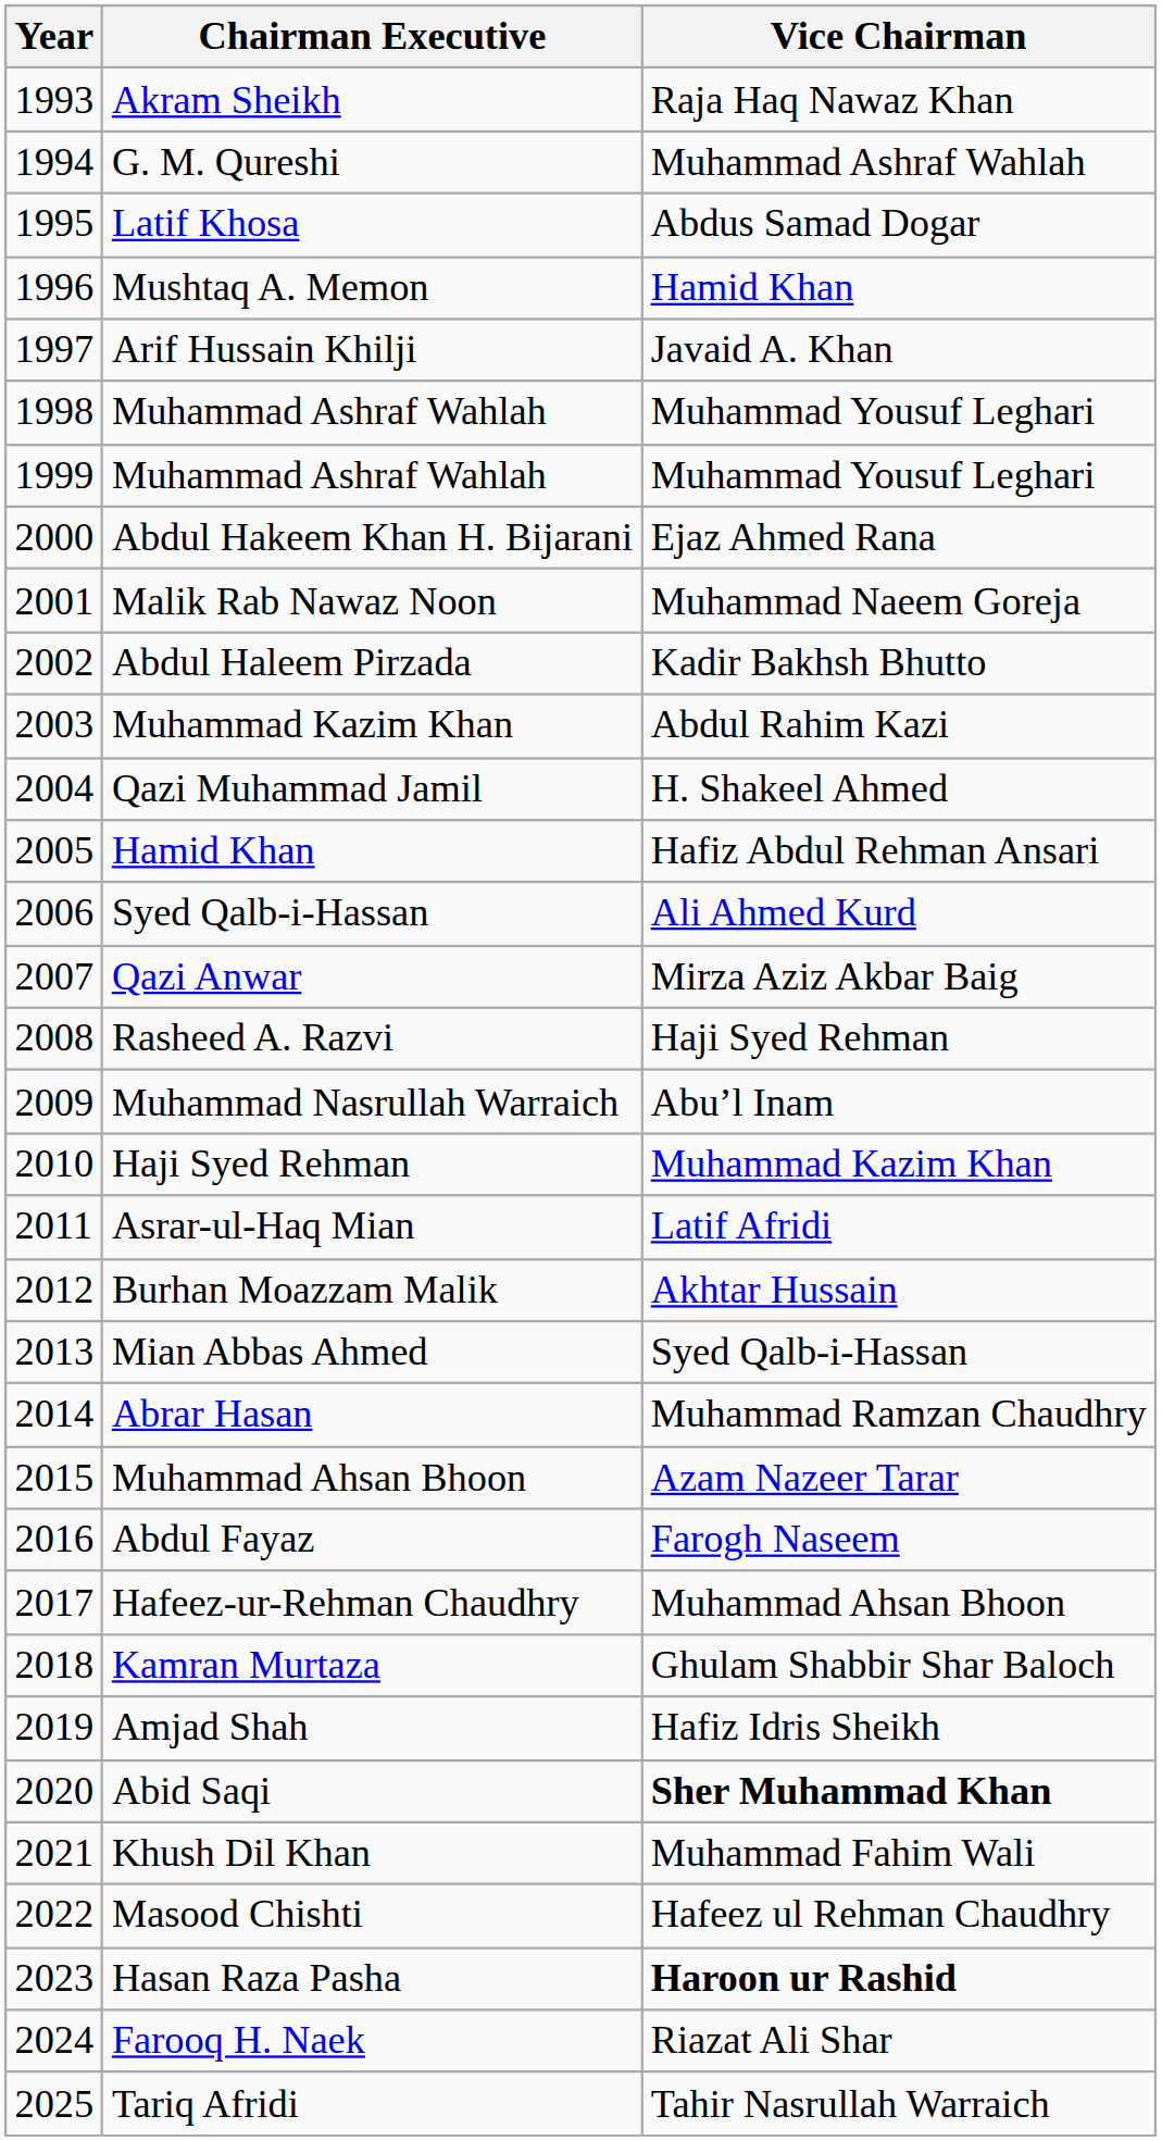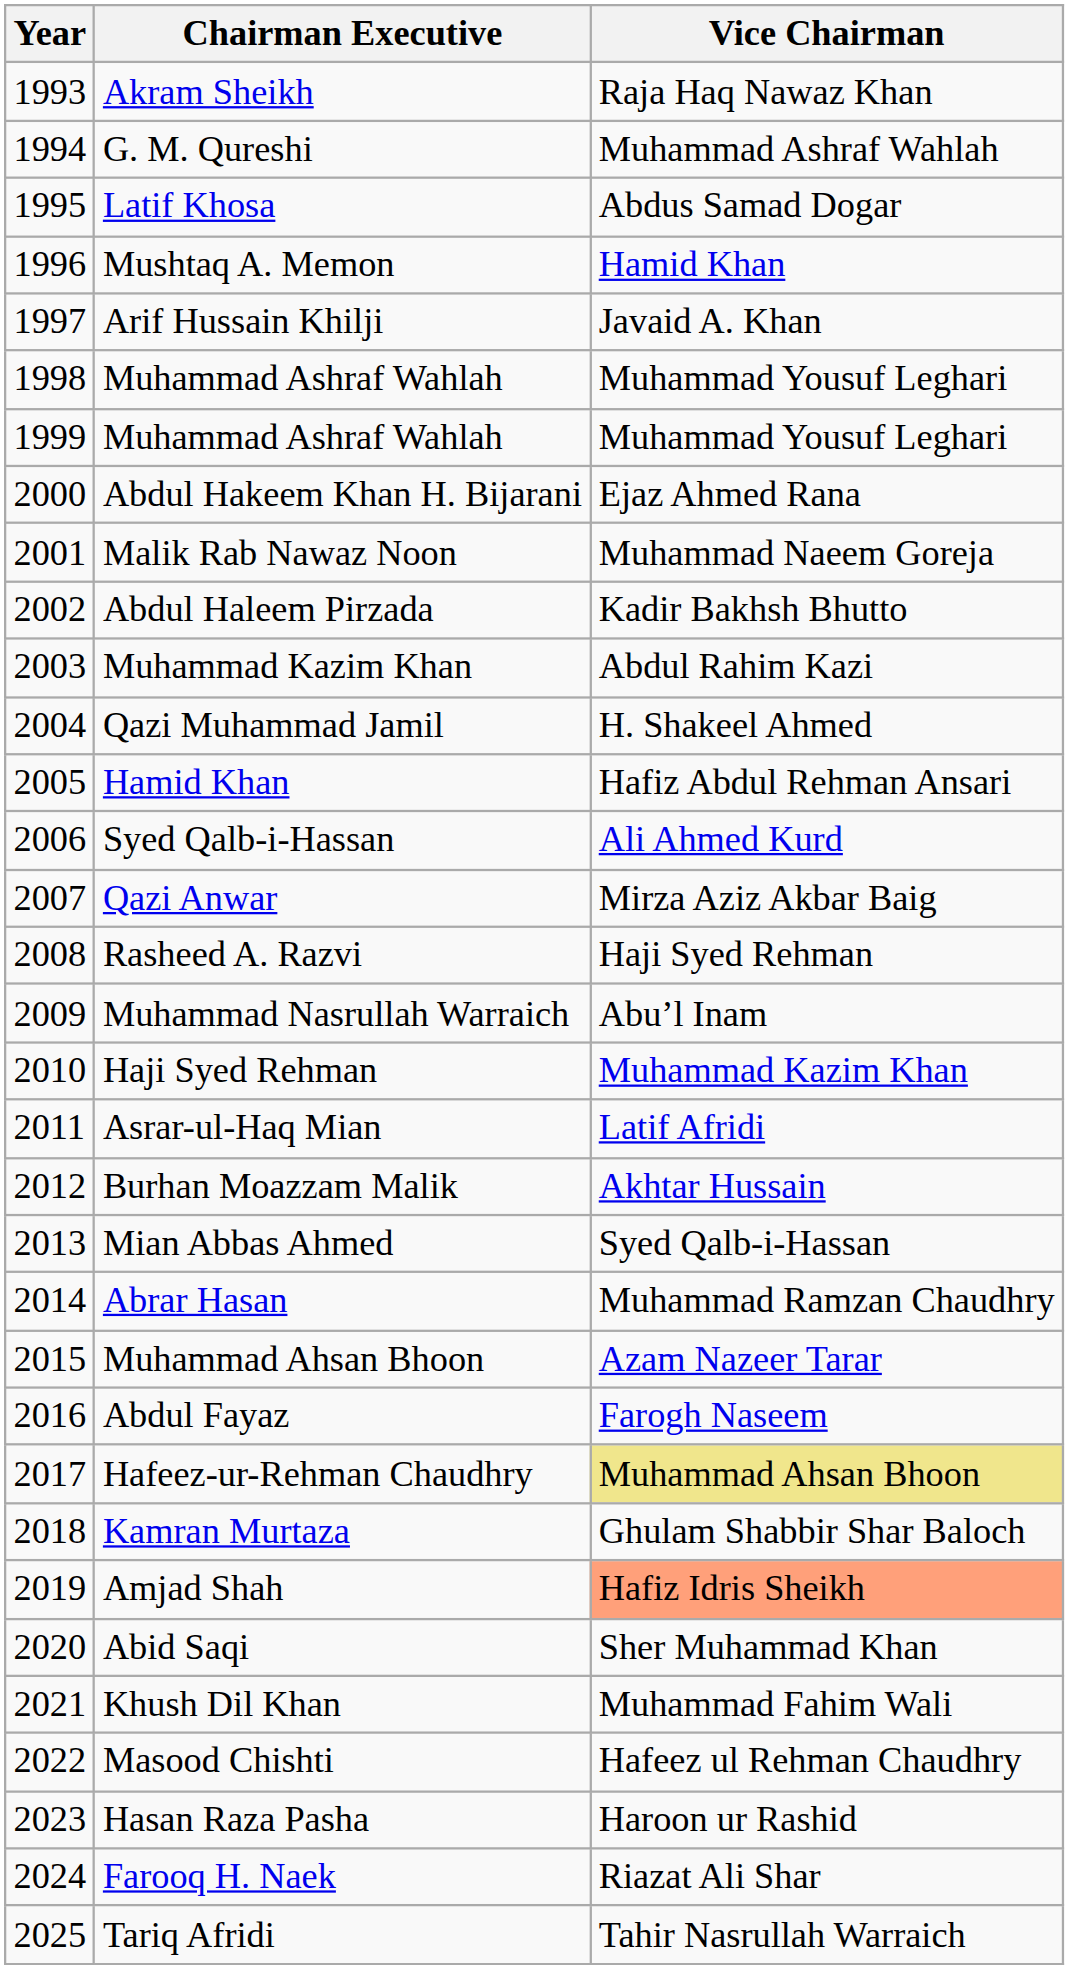 <table class="wikitable">
 <tr>
 <th align=center>Year</th>
 <th align=center>Chairman Executive</th>
 <th align=center>Vice Chairman</th>
 </tr>
 <tr>
 <td>1993</td>
 <td><a href='#'>Akram Sheikh</a></td>
 <td>Raja Haq Nawaz Khan</td>
 </tr>
 <tr>
 <td>1994</td>
 <td>G. M. Qureshi</td>
 <td>Muhammad Ashraf Wahlah</td>
 </tr>
 <tr>
 <td>1995</td>
 <td><a href='#'>Latif Khosa</a></td>
 <td>Abdus Samad Dogar</td>
 </tr>
 <tr>
 <td>1996</td>
 <td>Mushtaq A. Memon</td>
 <td><a href='#'>Hamid Khan</a></td>
 </tr>
 <tr>
 <td>1997</td>
 <td>Arif Hussain Khilji</td>
 <td>Javaid A. Khan</td>
 </tr>
 <tr>
 <td>1998</td>
 <td>Muhammad Ashraf Wahlah</td>
 <td>Muhammad Yousuf Leghari</td>
 </tr>
 <tr>
 <td>1999</td>
 <td>Muhammad Ashraf Wahlah</td>
 <td>Muhammad Yousuf Leghari</td>
 </tr>
 <tr>
 <td>2000</td>
 <td>Abdul Hakeem Khan H. Bijarani</td>
 <td>Ejaz Ahmed Rana</td>
 </tr>
 <tr>
 <td>2001</td>
 <td>Malik Rab Nawaz Noon</td>
 <td>Muhammad Naeem Goreja</td>
 </tr>
 <tr>
 <td>2002</td>
 <td>Abdul Haleem Pirzada</td>
 <td>Kadir Bakhsh Bhutto</td>
 </tr>
 <tr>
 <td>2003</td>
 <td>Muhammad Kazim Khan</td>
 <td>Abdul Rahim Kazi</td>
 </tr>
 <tr>
 <td>2004</td>
 <td>Qazi Muhammad Jamil</td>
 <td>H. Shakeel Ahmed</td>
 </tr>
 <tr>
 <td>2005</td>
 <td><a href='#'>Hamid Khan</a></td>
 <td>Hafiz Abdul Rehman Ansari</td>
 </tr>
 <tr>
 <td>2006</td>
 <td>Syed Qalb-i-Hassan</td>
 <td><a href='#'>Ali Ahmed Kurd</a></td>
 </tr>
 <tr>
 <td>2007</td>
 <td><a href='#'>Qazi Anwar</a></td>
 <td>Mirza Aziz Akbar Baig</td>
 </tr>
 <tr>
 <td>2008</td>
 <td>Rasheed A. Razvi</td>
 <td>Haji Syed Rehman</td>
 </tr>
 <tr>
 <td>2009</td>
 <td>Muhammad Nasrullah Warraich</td>
 <td>Abu’l Inam</td>
 </tr>
 <tr>
 <td>2010</td>
 <td>Haji Syed Rehman</td>
 <td><a href='#'>Muhammad Kazim Khan</a></td>
 </tr>
 <tr>
 <td>2011</td>
 <td>Asrar-ul-Haq Mian</td>
 <td><a href='#'>Latif Afridi</a></td>
 </tr>
 <tr>
 <td>2012</td>
 <td>Burhan Moazzam Malik</td>
 <td><a href='#'>Akhtar Hussain</a></td>
 </tr>
 <tr>
 <td>2013</td>
 <td>Mian Abbas Ahmed</td>
 <td>Syed Qalb-i-Hassan</td>
 </tr>
 <tr>
 <td>2014</td>
 <td><a href='#'>Abrar Hasan</a></td>
 <td>Muhammad Ramzan Chaudhry</td>
 </tr>
 <tr>
 <td>2015</td>
 <td>Muhammad Ahsan Bhoon</td>
 <td><a href='#'>Azam Nazeer Tarar</a></td>
 </tr>
 <tr>
 <td>2016</td>
 <td>Abdul Fayaz</td>
 <td><a href='#'>Farogh Naseem</a></td>
 </tr>
 <tr>
 <td>2017</td>
 <td>Hafeez-ur-Rehman Chaudhry</td>
-<td>Muhammad Ahsan Bhoon</td>
+<td style="background: khaki;">Muhammad Ahsan Bhoon</td>
 </tr>
 <tr>
 <td>2018</td>
 <td><a href='#'>Kamran Murtaza</a></td>
 <td>Ghulam Shabbir Shar Baloch</td>
 </tr>
 <tr>
 <td>2019</td>
 <td>Amjad Shah</td>
-<td>Hafiz Idris Sheikh</td>
+<td style="background: lightsalmon;">Hafiz Idris Sheikh</td>
 </tr>
 <tr>
 <td>2020</td>
 <td>Abid Saqi</td>
-<td><strong>Sher Muhammad Khan</strong></td>
+<td>Sher Muhammad Khan</td>
 </tr>
 <tr>
 <td>2021</td>
 <td>Khush Dil Khan</td>
 <td>Muhammad Fahim Wali</td>
 </tr>
 <tr>
 <td>2022</td>
 <td>Masood Chishti</td>
 <td>Hafeez ul Rehman Chaudhry</td>
 </tr>
 <tr>
 <td>2023</td>
 <td>Hasan Raza Pasha</td>
-<td><strong>Haroon ur Rashid</strong></td>
+<td>Haroon ur Rashid</td>
 </tr>
 <tr>
 <td>2024</td>
 <td><a href='#'>Farooq H. Naek</a></td>
 <td>Riazat Ali Shar</td>
 </tr>
 <tr>
 <td>2025</td>
 <td>Tariq Afridi</td>
 <td>Tahir Nasrullah Warraich</td>
 </tr>
 </table>
